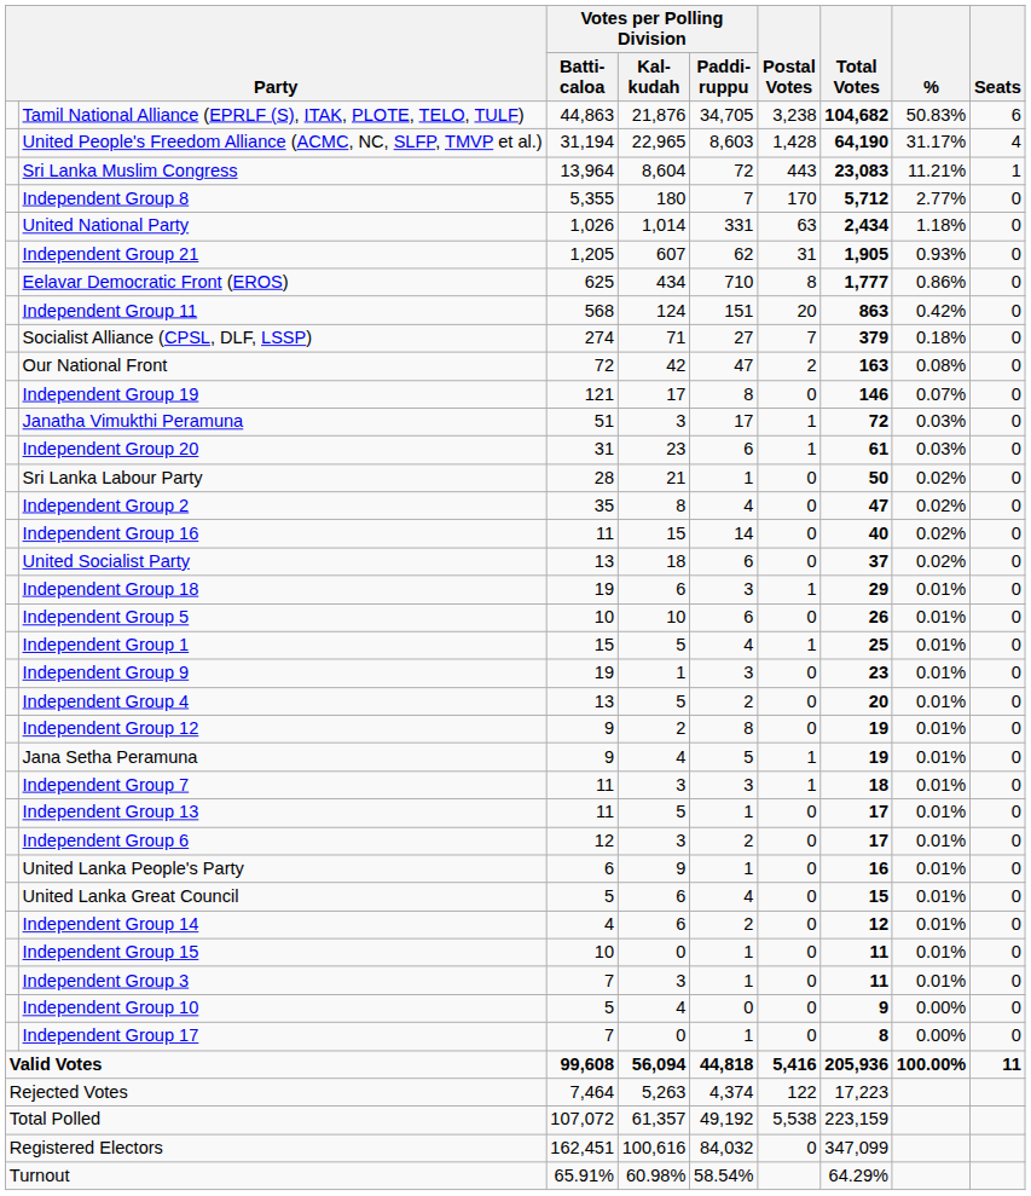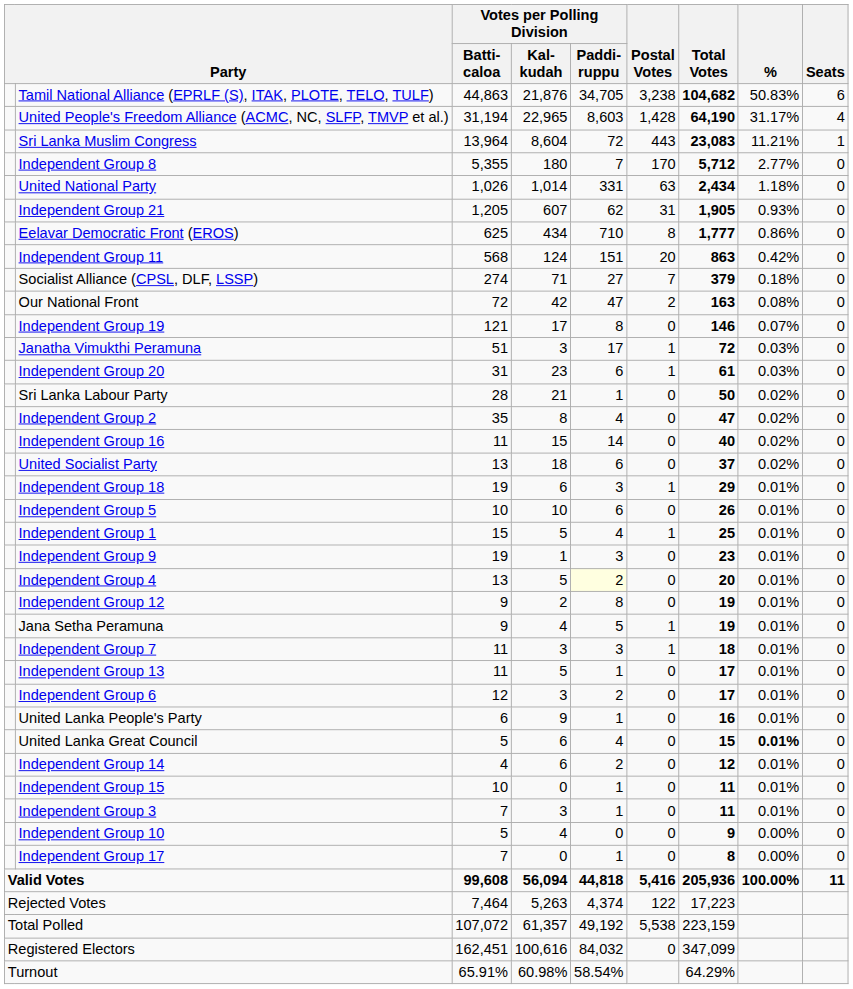 <table class="wikitable" border="1" style="text-align:right;">
 <tr>
 <th align=left valign=bottom rowspan=2 colspan=2>Party</th>
 <th colspan=3>Votes per Polling Division</th>
 <th align=center valign=bottom rowspan=2 width="50">Postal<br>Votes</th>
 <th align=center valign=bottom rowspan=2 width="50">Total Votes</th>
 <th align=center valign=bottom rowspan=2 width="50">%</th>
 <th align=center valign=bottom rowspan=2 width="40">Seats</th>
 </tr>
 <tr>
 <th align=center valign=bottom width="50">Batti-<br>caloa</th>
 <th align=center valign=bottom width="50">Kal-<br>kudah</th>
 <th align=center valign=bottom width="50">Paddi-<br>ruppu</th>
 </tr>
 <tr>
 <td bgcolor=> </td>
 <td align=left><a href='#'>Tamil National Alliance</a> (<a href='#'>EPRLF (S)</a>, <a href='#'>ITAK</a>, <a href='#'>PLOTE</a>, <a href='#'>TELO</a>, <a href='#'>TULF</a>)</td>
 <td>44,863</td>
 <td>21,876</td>
 <td>34,705</td>
 <td>3,238</td>
 <td><strong>104,682</strong></td>
 <td>50.83%</td>
 <td>6</td>
 </tr>
 <tr>
 <td bgcolor=> </td>
 <td align=left><a href='#'>United People's Freedom Alliance</a> (<a href='#'>ACMC</a>, NC, <a href='#'>SLFP</a>, <a href='#'>TMVP</a> et al.)</td>
 <td>31,194</td>
 <td>22,965</td>
 <td>8,603</td>
 <td>1,428</td>
 <td><strong>64,190</strong></td>
 <td>31.17%</td>
 <td>4</td>
 </tr>
 <tr>
 <td bgcolor=> </td>
 <td align=left><a href='#'>Sri Lanka Muslim Congress</a></td>
 <td>13,964</td>
 <td>8,604</td>
 <td>72</td>
 <td>443</td>
 <td><strong>23,083</strong></td>
 <td>11.21%</td>
 <td>1</td>
 </tr>
 <tr>
 <td bgcolor=> </td>
 <td align=left><a href='#'>Independent Group 8</a></td>
 <td>5,355</td>
 <td>180</td>
 <td>7</td>
 <td>170</td>
 <td><strong>5,712</strong></td>
 <td>2.77%</td>
 <td>0</td>
 </tr>
 <tr>
 <td bgcolor=> </td>
 <td align=left><a href='#'>United National Party</a></td>
 <td>1,026</td>
 <td>1,014</td>
 <td>331</td>
 <td>63</td>
 <td><strong>2,434</strong></td>
 <td>1.18%</td>
 <td>0</td>
 </tr>
 <tr>
 <td bgcolor=> </td>
 <td align=left><a href='#'>Independent Group 21</a></td>
 <td>1,205</td>
 <td>607</td>
 <td>62</td>
 <td>31</td>
 <td><strong>1,905</strong></td>
 <td>0.93%</td>
 <td>0</td>
 </tr>
 <tr>
 <td bgcolor=> </td>
 <td align=left><a href='#'>Eelavar Democratic Front</a> (<a href='#'>EROS</a>)</td>
 <td>625</td>
 <td>434</td>
 <td>710</td>
 <td>8</td>
 <td><strong>1,777</strong></td>
 <td>0.86%</td>
 <td>0</td>
 </tr>
 <tr>
 <td bgcolor=> </td>
 <td align=left><a href='#'>Independent Group 11</a></td>
 <td>568</td>
 <td>124</td>
 <td>151</td>
 <td>20</td>
 <td><strong>863</strong></td>
 <td>0.42%</td>
 <td>0</td>
 </tr>
 <tr>
 <td></td>
 <td align=left>Socialist Alliance (<a href='#'>CPSL</a>, DLF, <a href='#'>LSSP</a>)</td>
 <td>274</td>
 <td>71</td>
 <td>27</td>
 <td>7</td>
 <td><strong>379</strong></td>
 <td>0.18%</td>
 <td>0</td>
 </tr>
 <tr>
 <td></td>
 <td align=left>Our National Front</td>
 <td>72</td>
 <td>42</td>
 <td>47</td>
 <td>2</td>
 <td><strong>163</strong></td>
 <td>0.08%</td>
 <td>0</td>
 </tr>
 <tr>
 <td bgcolor=> </td>
 <td align=left><a href='#'>Independent Group 19</a></td>
 <td>121</td>
 <td>17</td>
 <td>8</td>
 <td>0</td>
 <td><strong>146</strong></td>
 <td>0.07%</td>
 <td>0</td>
 </tr>
 <tr>
 <td bgcolor=> </td>
 <td align=left><a href='#'>Janatha Vimukthi Peramuna</a></td>
 <td>51</td>
 <td>3</td>
 <td>17</td>
 <td>1</td>
 <td><strong>72</strong></td>
 <td>0.03%</td>
 <td>0</td>
 </tr>
 <tr>
 <td bgcolor=> </td>
 <td align=left><a href='#'>Independent Group 20</a></td>
 <td>31</td>
 <td>23</td>
 <td>6</td>
 <td>1</td>
 <td><strong>61</strong></td>
 <td>0.03%</td>
 <td>0</td>
 </tr>
 <tr>
 <td></td>
 <td align=left>Sri Lanka Labour Party</td>
 <td>28</td>
 <td>21</td>
 <td>1</td>
 <td>0</td>
 <td><strong>50</strong></td>
 <td>0.02%</td>
 <td>0</td>
 </tr>
 <tr>
 <td bgcolor=> </td>
 <td align=left><a href='#'>Independent Group 2</a></td>
 <td>35</td>
 <td>8</td>
 <td>4</td>
 <td>0</td>
 <td><strong>47</strong></td>
 <td>0.02%</td>
 <td>0</td>
 </tr>
 <tr>
 <td bgcolor=> </td>
 <td align=left><a href='#'>Independent Group 16</a></td>
 <td>11</td>
 <td>15</td>
 <td>14</td>
 <td>0</td>
 <td><strong>40</strong></td>
 <td>0.02%</td>
 <td>0</td>
 </tr>
 <tr>
 <td></td>
 <td align=left><a href='#'>United Socialist Party</a></td>
 <td>13</td>
 <td>18</td>
 <td>6</td>
 <td>0</td>
 <td><strong>37</strong></td>
 <td>0.02%</td>
 <td>0</td>
 </tr>
 <tr>
 <td bgcolor=> </td>
 <td align=left><a href='#'>Independent Group 18</a></td>
 <td>19</td>
 <td>6</td>
 <td>3</td>
 <td>1</td>
 <td><strong>29</strong></td>
 <td>0.01%</td>
 <td>0</td>
 </tr>
 <tr>
 <td bgcolor=> </td>
 <td align=left><a href='#'>Independent Group 5</a></td>
 <td>10</td>
 <td>10</td>
 <td>6</td>
 <td>0</td>
 <td><strong>26</strong></td>
 <td>0.01%</td>
 <td>0</td>
 </tr>
 <tr>
 <td bgcolor=> </td>
 <td align=left><a href='#'>Independent Group 1</a></td>
 <td>15</td>
 <td>5</td>
 <td>4</td>
 <td>1</td>
 <td><strong>25</strong></td>
 <td>0.01%</td>
 <td>0</td>
 </tr>
 <tr>
 <td bgcolor=> </td>
 <td align=left><a href='#'>Independent Group 9</a></td>
 <td>19</td>
 <td>1</td>
 <td>3</td>
 <td>0</td>
 <td><strong>23</strong></td>
 <td>0.01%</td>
 <td>0</td>
 </tr>
 <tr>
 <td bgcolor=> </td>
 <td align=left><a href='#'>Independent Group 4</a></td>
 <td>13</td>
 <td>5</td>
-<td>2</td>
+<td style="background: lightyellow;">2</td>
 <td>0</td>
 <td><strong>20</strong></td>
 <td>0.01%</td>
 <td>0</td>
 </tr>
 <tr>
 <td bgcolor=> </td>
 <td align=left><a href='#'>Independent Group 12</a></td>
 <td>9</td>
 <td>2</td>
 <td>8</td>
 <td>0</td>
 <td><strong>19</strong></td>
 <td>0.01%</td>
 <td>0</td>
 </tr>
 <tr>
 <td></td>
 <td align=left>Jana Setha Peramuna</td>
 <td>9</td>
 <td>4</td>
 <td>5</td>
 <td>1</td>
 <td><strong>19</strong></td>
 <td>0.01%</td>
 <td>0</td>
 </tr>
 <tr>
 <td bgcolor=> </td>
 <td align=left><a href='#'>Independent Group 7</a></td>
 <td>11</td>
 <td>3</td>
 <td>3</td>
 <td>1</td>
 <td><strong>18</strong></td>
 <td>0.01%</td>
 <td>0</td>
 </tr>
 <tr>
 <td bgcolor=> </td>
 <td align=left><a href='#'>Independent Group 13</a></td>
 <td>11</td>
 <td>5</td>
 <td>1</td>
 <td>0</td>
 <td><strong>17</strong></td>
 <td>0.01%</td>
 <td>0</td>
 </tr>
 <tr>
 <td bgcolor=> </td>
 <td align=left><a href='#'>Independent Group 6</a></td>
 <td>12</td>
 <td>3</td>
 <td>2</td>
 <td>0</td>
 <td><strong>17</strong></td>
 <td>0.01%</td>
 <td>0</td>
 </tr>
 <tr>
 <td></td>
 <td align=left>United Lanka People's Party</td>
 <td>6</td>
 <td>9</td>
 <td>1</td>
 <td>0</td>
 <td><strong>16</strong></td>
 <td>0.01%</td>
 <td>0</td>
 </tr>
 <tr>
 <td></td>
 <td align=left>United Lanka Great Council</td>
 <td>5</td>
 <td>6</td>
 <td>4</td>
 <td>0</td>
 <td><strong>15</strong></td>
-<td>0.01%</td>
+<td><strong>0.01%</strong></td>
 <td>0</td>
 </tr>
 <tr>
 <td bgcolor=> </td>
 <td align=left><a href='#'>Independent Group 14</a></td>
 <td>4</td>
 <td>6</td>
 <td>2</td>
 <td>0</td>
 <td><strong>12</strong></td>
 <td>0.01%</td>
 <td>0</td>
 </tr>
 <tr>
 <td bgcolor=> </td>
 <td align=left><a href='#'>Independent Group 15</a></td>
 <td>10</td>
 <td>0</td>
 <td>1</td>
 <td>0</td>
 <td><strong>11</strong></td>
 <td>0.01%</td>
 <td>0</td>
 </tr>
 <tr>
 <td bgcolor=> </td>
 <td align=left><a href='#'>Independent Group 3</a></td>
 <td>7</td>
 <td>3</td>
 <td>1</td>
 <td>0</td>
 <td><strong>11</strong></td>
 <td>0.01%</td>
 <td>0</td>
 </tr>
 <tr>
 <td bgcolor=> </td>
 <td align=left><a href='#'>Independent Group 10</a></td>
 <td>5</td>
 <td>4</td>
 <td>0</td>
 <td>0</td>
 <td><strong>9</strong></td>
 <td>0.00%</td>
 <td>0</td>
 </tr>
 <tr>
 <td bgcolor=> </td>
 <td align=left><a href='#'>Independent Group 17</a></td>
 <td>7</td>
 <td>0</td>
 <td>1</td>
 <td>0</td>
 <td><strong>8</strong></td>
 <td>0.00%</td>
 <td>0</td>
 </tr>
 <tr>
 <td align=left colspan=2><strong>Valid Votes</strong></td>
 <td><strong>99,608</strong></td>
 <td><strong>56,094</strong></td>
 <td><strong>44,818</strong></td>
 <td><strong>5,416</strong></td>
 <td><strong>205,936</strong></td>
 <td><strong>100.00%</strong></td>
 <td><strong>11</strong></td>
 </tr>
 <tr>
 <td align=left colspan=2>Rejected Votes</td>
 <td>7,464</td>
 <td>5,263</td>
 <td>4,374</td>
 <td>122</td>
 <td>17,223</td>
 <td></td>
 <td></td>
 </tr>
 <tr>
 <td align=left colspan=2>Total Polled</td>
 <td>107,072</td>
 <td>61,357</td>
 <td>49,192</td>
 <td>5,538</td>
 <td>223,159</td>
 <td></td>
 <td></td>
 </tr>
 <tr>
 <td align=left colspan=2>Registered Electors</td>
 <td>162,451</td>
 <td>100,616</td>
 <td>84,032</td>
 <td>0</td>
 <td>347,099</td>
 <td></td>
 <td></td>
 </tr>
 <tr>
 <td align=left colspan=2>Turnout</td>
 <td>65.91%</td>
 <td>60.98%</td>
 <td>58.54%</td>
 <td></td>
 <td>64.29%</td>
 <td></td>
 <td></td>
 </tr>
 </table>
